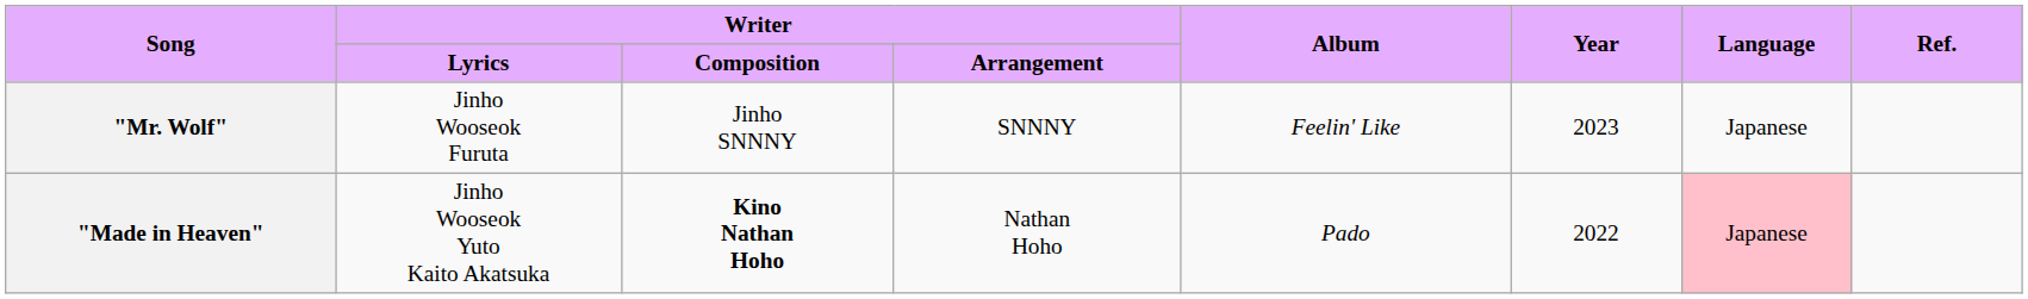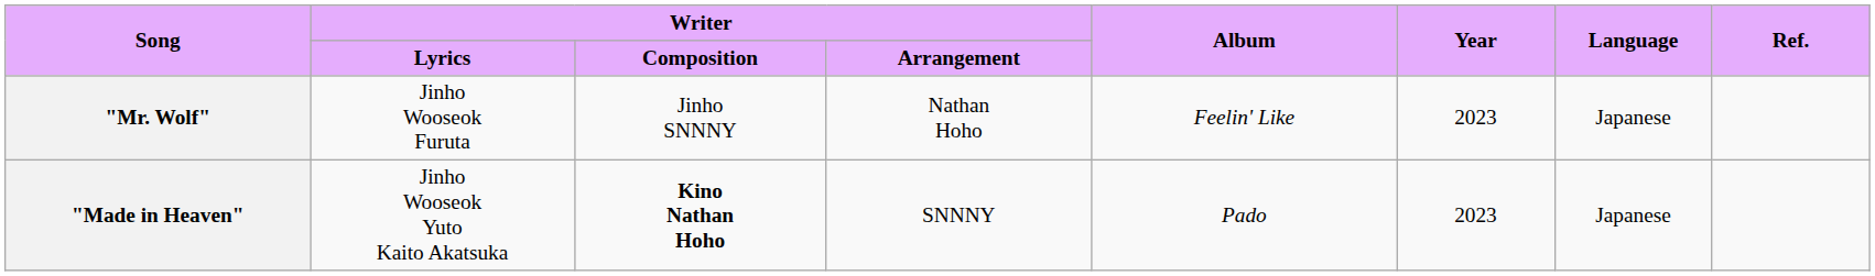 <table class="wikitable" style="margin:0.5em auto; clear:both; font-size:.9em; text-align:center; width:100%">
 <tr>
 <th rowspan="2" style="width:200px; background:#E5ADFD;">Song</th>
 <th colspan="3" style="width:700px; background:#E5ADFD;">Writer</th>
 <th rowspan="2" style="width:200px; background:#E5ADFD;">Album</th>
 <th rowspan="2" style="width:100px; background:#E5ADFD;">Year</th>
 <th rowspan="2" style="width:100px; background:#E5ADFD;">Language</th>
 <th rowspan="2" style="width:100px; background:#E5ADFD;">Ref.</th>
 </tr>
 <tr>
 <th style="background:#E5ADFD;">Lyrics</th>
 <th style="background:#E5ADFD;">Composition</th>
 <th style="background:#E5ADFD;">Arrangement</th>
 </tr>
 <tr>
 <th>"Mr. Wolf"</th>
 <td>Jinho<br>Wooseok<br>Furuta</td>
 <td>Jinho<br>SNNNY</td>
-<td>SNNNY</td>
+<td>Nathan<br>Hoho</td>
 <td><em>Feelin' Like</em></td>
 <td>2023</td>
 <td>Japanese</td>
 <td></td>
 </tr>
 <tr>
 <th>"Made in Heaven"</th>
 <td>Jinho<br>Wooseok<br>Yuto<br>Kaito Akatsuka</td>
 <td><strong>Kino<br>Nathan<br>Hoho</strong></td>
-<td>Nathan<br>Hoho</td>
+<td>SNNNY</td>
 <td><em>Pado</em></td>
-<td>2022</td>
-<td style="background: pink;">Japanese</td>
+<td>2023</td>
+<td>Japanese</td>
 <td></td>
 </tr>
 </table>
